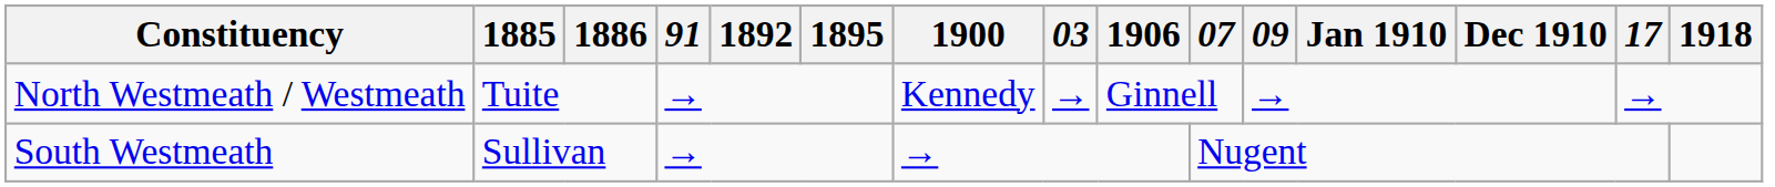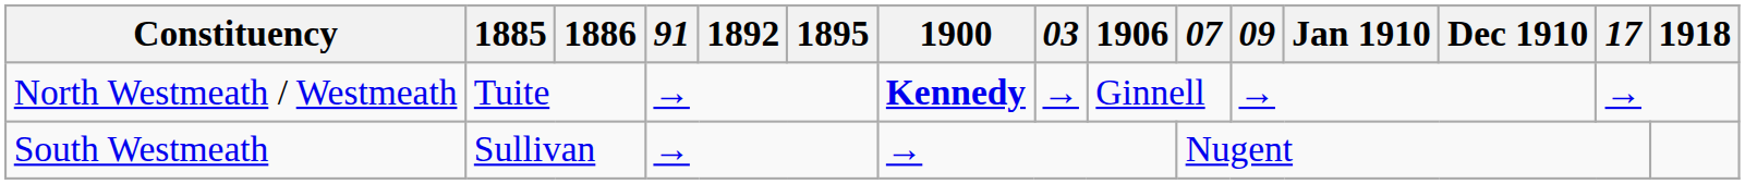 <table class="wikitable">
 <tr>
 <th>Constituency</th>
 <th>1885</th>
 <th>1886</th>
 <th><em>91</em></th>
 <th>1892</th>
 <th>1895</th>
 <th>1900</th>
 <th><em>03</em></th>
 <th>1906</th>
 <th><em>07</em></th>
 <th><em>09</em></th>
 <th>Jan 1910</th>
 <th>Dec 1910</th>
 <th><em>17</em></th>
 <th>1918</th>
 </tr>
 <tr>
 <td><a href='#'>North Westmeath</a> / <a href='#'>Westmeath</a></td>
 <td colspan="2"><a href='#'>Tuite</a></td>
 <td colspan="3"><a href='#'>→</a></td>
-<td><a href='#'>Kennedy</a></td>
+<td><strong><a href='#'>Kennedy</a></strong></td>
 <td><a href='#'>→</a></td>
 <td colspan="2"><a href='#'>Ginnell</a></td>
 <td colspan="3"><a href='#'>→</a></td>
 <td colspan="2"><a href='#'>→</a></td>
 </tr>
 <tr>
 <td><a href='#'>South Westmeath</a></td>
 <td colspan="2"><a href='#'>Sullivan</a></td>
 <td colspan="3"><a href='#'>→</a></td>
 <td colspan="3"><a href='#'>→</a></td>
 <td colspan="5"><a href='#'>Nugent</a></td>
 <td></td>
 </tr>
 </table>
